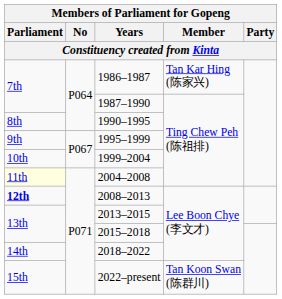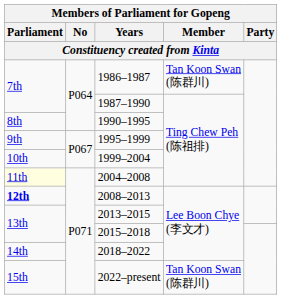 <table class=wikitable>
 <tr>
 <th colspan="5">Members of Parliament for Gopeng</th>
 </tr>
 <tr>
 <th>Parliament</th>
 <th>No</th>
 <th>Years</th>
 <th>Member</th>
 <th>Party</th>
 </tr>
 <tr>
 <th colspan="5" align="center"><em>Constituency created from <a href='#'>Kinta</a></em></th>
 </tr>
 <tr>
 <td rowspan=2><a href='#'>7th</a></td>
 <td rowspan="3">P064</td>
 <td>1986–1987</td>
-<td><a href='#'>Tan Kar Hing</a> <br> (陈家兴)</td>
+<td><a href='#'>Tan Koon Swan</a> <br> (陈群川)</td>
 <td rowspan="6"></td>
 </tr>
 <tr>
 <td>1987–1990</td>
 <td rowspan=5><a href='#'>Ting Chew Peh</a> <br> (陈祖排)</td>
 </tr>
 <tr>
 <td><a href='#'>8th</a></td>
 <td>1990–1995</td>
 </tr>
 <tr>
 <td><a href='#'>9th</a></td>
 <td rowspan="2">P067</td>
 <td>1995–1999</td>
 </tr>
 <tr>
 <td><a href='#'>10th</a></td>
 <td>1999–2004</td>
 </tr>
 <tr>
 <td style="background: lightyellow;"><a href='#'>11th</a></td>
 <td rowspan=6>P071</td>
 <td>2004–2008</td>
 </tr>
 <tr>
 <td><strong><a href='#'>12th</a></strong></td>
 <td>2008–2013</td>
 <td rowspan=4><a href='#'>Lee Boon Chye</a> <br> (李文才)</td>
 <td rowspan="2"></td>
 </tr>
 <tr>
 <td rowspan=2><a href='#'>13th</a></td>
 <td>2013–2015</td>
 </tr>
 <tr>
 <td>2015–2018</td>
 <td rowspan=3></td>
 </tr>
 <tr>
 <td><a href='#'>14th</a></td>
 <td>2018–2022</td>
 </tr>
 <tr>
 <td><a href='#'>15th</a></td>
 <td>2022–present</td>
 <td><a href='#'>Tan Koon Swan</a> <br> (陈群川)</td>
 </tr>
 </table>
